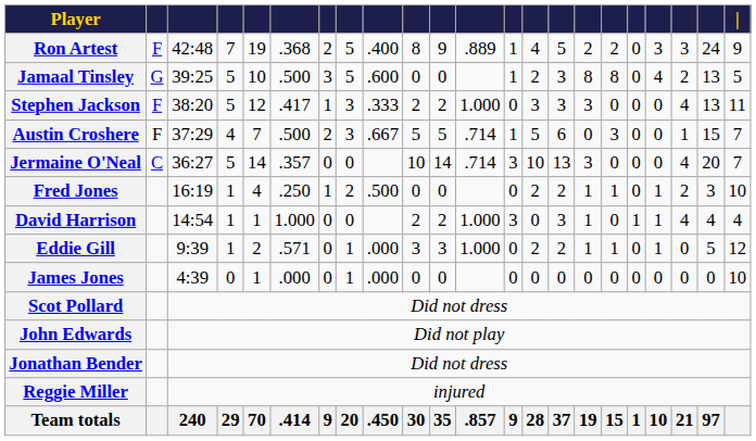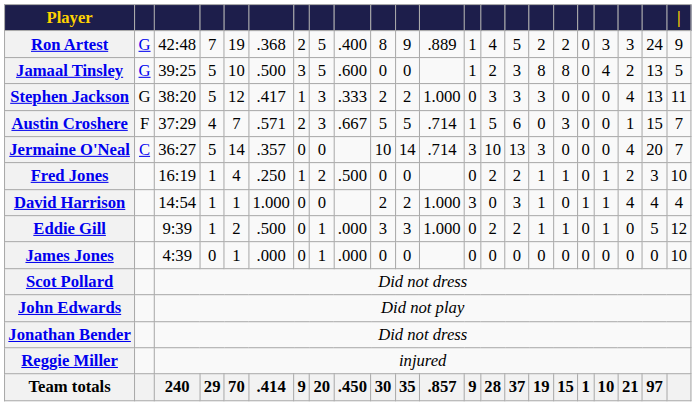 <table class="wikitable plainrowheaders" style="text-align: center">
 <tr>
 <th scope="col" style="background:#1D1E4B; color:#FFD300">Player</th>
 <th scope="col" style="background:#1D1E4B; color:#FFD300"></th>
 <th scope="col" style="background:#1D1E4B; color:#FFD300"></th>
 <th scope="col" style="background:#1D1E4B; color:#FFD300"></th>
 <th scope="col" style="background:#1D1E4B; color:#FFD300"></th>
 <th scope="col" style="background:#1D1E4B; color:#FFD300"></th>
 <th scope="col" style="background:#1D1E4B; color:#FFD300"></th>
 <th scope="col" style="background:#1D1E4B; color:#FFD300"></th>
 <th scope="col" style="background:#1D1E4B; color:#FFD300"></th>
 <th scope="col" style="background:#1D1E4B; color:#FFD300"></th>
 <th scope="col" style="background:#1D1E4B; color:#FFD300"></th>
 <th scope="col" style="background:#1D1E4B; color:#FFD300"></th>
 <th scope="col" style="background:#1D1E4B; color:#FFD300"></th>
 <th scope="col" style="background:#1D1E4B; color:#FFD300"></th>
 <th scope="col" style="background:#1D1E4B; color:#FFD300"></th>
 <th scope="col" style="background:#1D1E4B; color:#FFD300"></th>
 <th scope="col" style="background:#1D1E4B; color:#FFD300"></th>
 <th scope="col" style="background:#1D1E4B; color:#FFD300"></th>
 <th scope="col" style="background:#1D1E4B; color:#FFD300"></th>
 <th scope="col" style="background:#1D1E4B; color:#FFD300"></th>
 <th scope="col" style="background:#1D1E4B; color:#FFD300"></th>
 <th scope="col" style="background:#1D1E4B; color:#FFD300">|</th>
 </tr>
 <tr>
 <th scope="row"><a href='#'>Ron Artest</a></th>
-<td><a href='#'>F</a></td>
+<td><a href='#'>G</a></td>
 <td>42:48</td>
 <td>7</td>
 <td>19</td>
 <td>.368</td>
 <td>2</td>
 <td>5</td>
 <td>.400</td>
 <td>8</td>
 <td>9</td>
 <td>.889</td>
 <td>1</td>
 <td>4</td>
 <td>5</td>
 <td>2</td>
 <td>2</td>
 <td>0</td>
 <td>3</td>
 <td>3</td>
 <td>24</td>
 <td>9</td>
 </tr>
 <tr>
 <th scope="row"><a href='#'>Jamaal Tinsley</a></th>
 <td><a href='#'>G</a></td>
 <td>39:25</td>
 <td>5</td>
 <td>10</td>
 <td>.500</td>
 <td>3</td>
 <td>5</td>
 <td>.600</td>
 <td>0</td>
 <td>0</td>
 <td></td>
 <td>1</td>
 <td>2</td>
 <td>3</td>
 <td>8</td>
 <td>8</td>
 <td>0</td>
 <td>4</td>
 <td>2</td>
 <td>13</td>
 <td>5</td>
 </tr>
 <tr>
 <th scope="row"><a href='#'>Stephen Jackson</a></th>
-<td><a href='#'>F</a></td>
+<td>G</td>
 <td>38:20</td>
 <td>5</td>
 <td>12</td>
 <td>.417</td>
 <td>1</td>
 <td>3</td>
 <td>.333</td>
 <td>2</td>
 <td>2</td>
 <td>1.000</td>
 <td>0</td>
 <td>3</td>
 <td>3</td>
 <td>3</td>
 <td>0</td>
 <td>0</td>
 <td>0</td>
 <td>4</td>
 <td>13</td>
 <td>11</td>
 </tr>
 <tr>
 <th scope="row"><a href='#'>Austin Croshere</a></th>
 <td>F</td>
 <td>37:29</td>
 <td>4</td>
 <td>7</td>
-<td>.500</td>
+<td>.571</td>
 <td>2</td>
 <td>3</td>
 <td>.667</td>
 <td>5</td>
 <td>5</td>
 <td>.714</td>
 <td>1</td>
 <td>5</td>
 <td>6</td>
 <td>0</td>
 <td>3</td>
 <td>0</td>
 <td>0</td>
 <td>1</td>
 <td>15</td>
 <td>7</td>
 </tr>
 <tr>
 <th scope="row"><a href='#'>Jermaine O'Neal</a></th>
 <td><a href='#'>C</a></td>
 <td>36:27</td>
 <td>5</td>
 <td>14</td>
 <td>.357</td>
 <td>0</td>
 <td>0</td>
 <td></td>
 <td>10</td>
 <td>14</td>
 <td>.714</td>
 <td>3</td>
 <td>10</td>
 <td>13</td>
 <td>3</td>
 <td>0</td>
 <td>0</td>
 <td>0</td>
 <td>4</td>
 <td>20</td>
 <td>7</td>
 </tr>
 <tr>
 <th scope="row"><a href='#'>Fred Jones</a></th>
 <td></td>
 <td>16:19</td>
 <td>1</td>
 <td>4</td>
 <td>.250</td>
 <td>1</td>
 <td>2</td>
 <td>.500</td>
 <td>0</td>
 <td>0</td>
 <td></td>
 <td>0</td>
 <td>2</td>
 <td>2</td>
 <td>1</td>
 <td>1</td>
 <td>0</td>
 <td>1</td>
 <td>2</td>
 <td>3</td>
 <td>10</td>
 </tr>
 <tr>
 <th scope="row"><a href='#'>David Harrison</a></th>
 <td></td>
 <td>14:54</td>
 <td>1</td>
 <td>1</td>
 <td>1.000</td>
 <td>0</td>
 <td>0</td>
 <td></td>
 <td>2</td>
 <td>2</td>
 <td>1.000</td>
 <td>3</td>
 <td>0</td>
 <td>3</td>
 <td>1</td>
 <td>0</td>
 <td>1</td>
 <td>1</td>
 <td>4</td>
 <td>4</td>
 <td>4</td>
 </tr>
 <tr>
 <th scope="row"><a href='#'>Eddie Gill</a></th>
 <td></td>
 <td>9:39</td>
 <td>1</td>
 <td>2</td>
-<td>.571</td>
+<td>.500</td>
 <td>0</td>
 <td>1</td>
 <td>.000</td>
 <td>3</td>
 <td>3</td>
 <td>1.000</td>
 <td>0</td>
 <td>2</td>
 <td>2</td>
 <td>1</td>
 <td>1</td>
 <td>0</td>
 <td>1</td>
 <td>0</td>
 <td>5</td>
 <td>12</td>
 </tr>
 <tr>
 <th scope="row"><a href='#'>James Jones</a></th>
 <td></td>
 <td>4:39</td>
 <td>0</td>
 <td>1</td>
 <td>.000</td>
 <td>0</td>
 <td>1</td>
 <td>.000</td>
 <td>0</td>
 <td>0</td>
 <td></td>
 <td>0</td>
 <td>0</td>
 <td>0</td>
 <td>0</td>
 <td>0</td>
 <td>0</td>
 <td>0</td>
 <td>0</td>
 <td>0</td>
 <td>10</td>
 </tr>
 <tr>
 <th scope="row"><a href='#'>Scot Pollard</a></th>
 <td></td>
 <td colspan="20"><em>Did not dress</em></td>
 </tr>
 <tr>
 <th scope="row"><a href='#'>John Edwards</a></th>
 <td></td>
 <td colspan="20"><em>Did not play</em></td>
 </tr>
 <tr>
 <th scope="row"><a href='#'>Jonathan Bender</a></th>
 <td></td>
 <td colspan="20"><em>Did not dress</em></td>
 </tr>
 <tr>
 <th scope="row"><a href='#'>Reggie Miller</a></th>
 <td></td>
 <td colspan="20"><em>injured</em></td>
 </tr>
 <tr>
 <th scope="row"><strong>Team totals</strong></th>
 <th></th>
 <th><strong>240</strong></th>
 <th><strong>29</strong></th>
 <th><strong>70</strong></th>
 <th><strong>.414</strong></th>
 <th><strong>9</strong></th>
 <th><strong>20</strong></th>
 <th><strong>.450</strong></th>
 <th><strong>30</strong></th>
 <th><strong>35</strong></th>
 <th><strong>.857</strong></th>
 <th><strong>9</strong></th>
 <th><strong>28</strong></th>
 <th><strong>37</strong></th>
 <th><strong>19</strong></th>
 <th><strong>15</strong></th>
 <th><strong>1</strong></th>
 <th><strong>10</strong></th>
 <th><strong>21</strong></th>
 <th><strong>97</strong></th>
 <th></th>
 </tr>
 </table>
